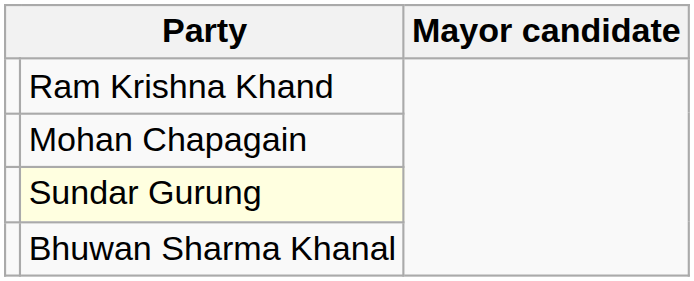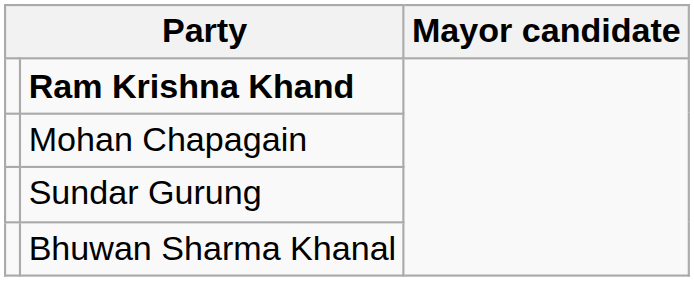 <table class="wikitable sortable">
 <tr>
 <th colspan="2">Party</th>
 <th>Mayor candidate</th>
 </tr>
 <tr>
 <td></td>
-<td>Ram Krishna Khand</td>
+<td><strong>Ram Krishna Khand</strong></td>
 </tr>
 <tr>
 <td></td>
 <td>Mohan Chapagain</td>
 </tr>
 <tr>
 <td></td>
-<td style="background: lightyellow;">Sundar Gurung</td>
+<td>Sundar Gurung</td>
 </tr>
 <tr>
 <td></td>
 <td>Bhuwan Sharma Khanal</td>
 </tr>
 </table>
